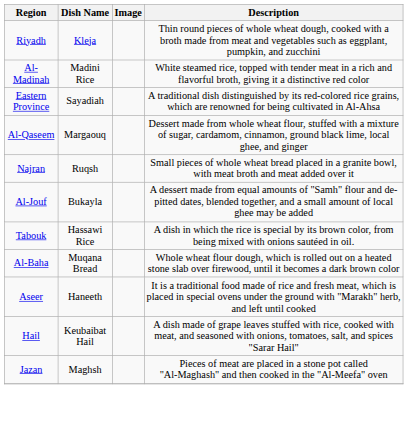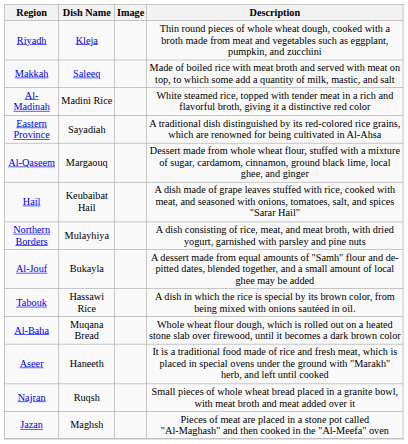 <table class="wikitable sortable" style="text-align:center; width:100%;">
 <tr>
 <th>Region</th>
 <th>Dish Name</th>
 <th class="unsortable">Image</th>
 <th class="unsortable">Description</th>
 </tr>
 <tr>
 <td><a href='#'>Riyadh</a></td>
 <td><a href='#'>Kleja</a></td>
 <td></td>
 <td>Thin round pieces of whole wheat dough, cooked with a broth made from meat and vegetables such as eggplant, pumpkin, and zucchini</td>
+</tr>
+<tr>
+<td><a href='#'>Makkah</a></td>
+<td><a href='#'>Saleeq</a></td>
+<td></td>
+<td>Made of boiled rice with meat broth and served with meat on top, to which some add a quantity of milk, mastic, and salt</td>
 </tr>
 <tr>
 <td><a href='#'>Al-Madinah</a></td>
 <td>Madini Rice</td>
 <td></td>
 <td>White steamed rice, topped with tender meat in a rich and flavorful broth, giving it a distinctive red color</td>
 </tr>
 <tr>
 <td><a href='#'>Eastern Province</a></td>
 <td>Sayadiah</td>
 <td></td>
 <td>A traditional dish distinguished by its red-colored rice grains, which are renowned for being cultivated in Al-Ahsa</td>
 </tr>
 <tr>
 <td><a href='#'>Al-Qaseem</a></td>
 <td>Margaouq</td>
 <td></td>
 <td>Dessert made from whole wheat flour, stuffed with a mixture of sugar, cardamom, cinnamon, ground black lime, local ghee, and ginger</td>
 </tr>
 <tr>
-<td><a href='#'>Najran</a></td>
-<td>Ruqsh</td>
+<td><a href='#'>Hail</a></td>
+<td>Keubaibat Hail</td>
 <td></td>
-<td>Small pieces of whole wheat bread placed in a granite bowl, with meat broth and meat added over it</td>
+<td>A dish made of grape leaves stuffed with rice, cooked with meat, and seasoned with onions, tomatoes, salt, and spices<br>"Sarar Hail"</td>
+</tr>
+<tr>
+<td><a href='#'>Northern Borders</a></td>
+<td>Mulayhiya</td>
+<td></td>
+<td>A dish consisting of rice, meat, and meat broth, with dried yogurt, garnished with parsley and pine nuts</td>
 </tr>
 <tr>
 <td><a href='#'>Al-Jouf</a></td>
 <td>Bukayla</td>
 <td></td>
 <td>A dessert made from equal amounts of "Samh" flour and de-pitted dates, blended together, and a small amount of local ghee may be added</td>
 </tr>
 <tr>
 <td><a href='#'>Tabouk</a></td>
 <td>Hassawi Rice</td>
 <td></td>
 <td>A dish in which the rice is special by its brown color, from being mixed with onions sautéed in oil.</td>
 </tr>
 <tr>
 <td><a href='#'>Al-Baha</a></td>
 <td>Muqana Bread</td>
 <td></td>
 <td>Whole wheat flour dough, which is rolled out on a heated stone slab over firewood, until it becomes a dark brown color</td>
 </tr>
 <tr>
 <td><a href='#'>Aseer</a></td>
 <td>Haneeth</td>
 <td></td>
 <td>It is a traditional food made of rice and fresh meat, which is placed in special ovens under the ground with "Marakh" herb, and left until cooked</td>
 </tr>
 <tr>
-<td><a href='#'>Hail</a></td>
-<td>Keubaibat Hail</td>
+<td><a href='#'>Najran</a></td>
+<td>Ruqsh</td>
 <td></td>
-<td>A dish made of grape leaves stuffed with rice, cooked with meat, and seasoned with onions, tomatoes, salt, and spices<br>"Sarar Hail"</td>
+<td>Small pieces of whole wheat bread placed in a granite bowl, with meat broth and meat added over it</td>
 </tr>
 <tr>
 <td><a href='#'>Jazan</a></td>
 <td>Maghsh</td>
 <td></td>
 <td>Pieces of meat are placed in a stone pot called<br>"Al-Maghash" and then cooked in the "Al-Meefa" oven</td>
 </tr>
 <tr>
 </tr>
 </table>
